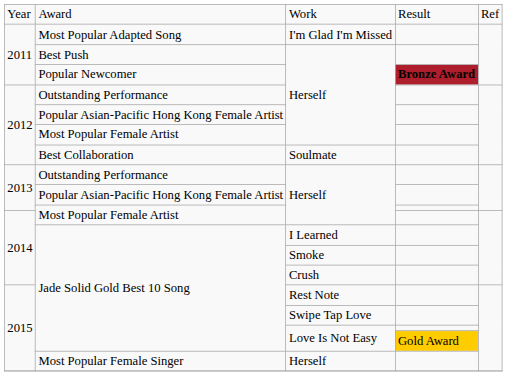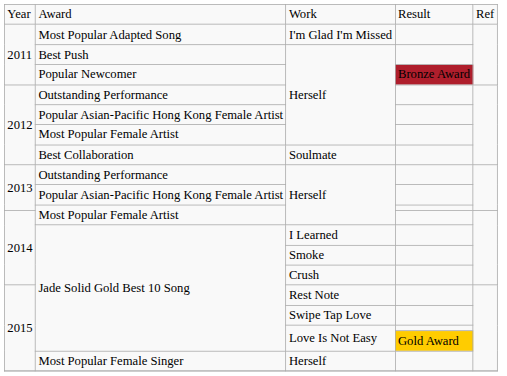 <table class="wikitable">
 <tr>
 <td>Year</td>
 <td>Award</td>
 <td>Work</td>
 <td>Result</td>
 <td>Ref</td>
 </tr>
 <tr>
 <td rowspan="3">2011</td>
 <td>Most Popular Adapted Song</td>
 <td>I'm Glad I'm Missed</td>
 <td></td>
 <td rowspan="3"></td>
 </tr>
 <tr>
 <td>Best Push</td>
 <td rowspan="5">Herself</td>
 <td></td>
 </tr>
 <tr>
 <td>Popular Newcomer</td>
-<td .mybgcolor {background-color:#af1e2c;} style="background: #af1e2c"><strong><div>Bronze Award</div></strong></td>
+<td .mybgcolor {background-color:#af1e2c;} style="background: #af1e2c"><div>Bronze Award</div></td>
 </tr>
 <tr>
 <td rowspan="4">2012</td>
 <td>Outstanding Performance</td>
 <td></td>
 <td rowspan="4"></td>
 </tr>
 <tr>
 <td>Popular Asian-Pacific Hong Kong Female Artist</td>
 <td></td>
 </tr>
 <tr>
 <td>Most Popular Female Artist</td>
 <td></td>
 </tr>
 <tr>
 <td>Best Collaboration</td>
 <td>Soulmate</td>
 <td></td>
 </tr>
 <tr>
 <td rowspan="3">2013</td>
 <td>Outstanding Performance</td>
 <td rowspan="4">Herself</td>
 <td></td>
 <td rowspan="3"></td>
 </tr>
 <tr>
 <td>Popular Asian-Pacific Hong Kong Female Artist</td>
 <td></td>
 </tr>
 <tr>
 <td rowspan="2">Most Popular Female Artist</td>
 <td></td>
 </tr>
 <tr>
 <td rowspan="4">2014</td>
 <td></td>
 <td rowspan="4"></td>
 </tr>
 <tr>
 <td rowspan="7">Jade Solid Gold Best 10 Song</td>
 <td>I Learned</td>
 <td></td>
 </tr>
 <tr>
 <td>Smoke</td>
 <td></td>
 </tr>
 <tr>
 <td>Crush</td>
 <td></td>
 </tr>
 <tr>
 <td rowspan="5">2015</td>
 <td>Rest Note</td>
 <td></td>
 <td rowspan="5"></td>
 </tr>
 <tr>
 <td>Swipe Tap Love</td>
 <td></td>
 </tr>
 <tr>
 <td rowspan="2">Love Is Not Easy</td>
 <td></td>
 </tr>
 <tr>
 <td style="background:#fc0;"><div>Gold Award</div></td>
 </tr>
 <tr>
 <td>Most Popular Female Singer</td>
 <td>Herself</td>
 <td></td>
 </tr>
 <tr>
 </tr>
 </table>
